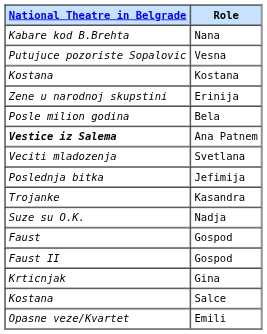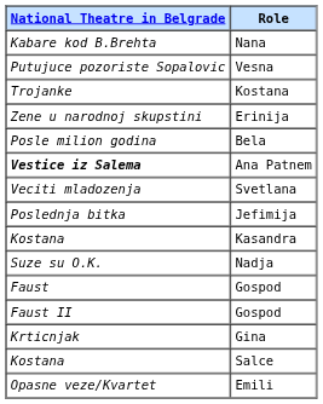 <table border="1" cellpadding="4" cellspacing="0">
 <tr bgcolor="#C6E2FF">
 <th><strong><a href='#'>National Theatre in Belgrade</a></strong></th>
 <th><strong>Role</strong></th>
 </tr>
 <tr>
 <td><em>Kabare kod B.Brehta</em></td>
 <td>Nana</td>
 </tr>
 <tr>
 <td><em>Putujuce pozoriste Sopalovic</em></td>
 <td>Vesna</td>
 </tr>
 <tr>
-<td><em>Kostana</em></td>
+<td><em>Trojanke</em></td>
 <td>Kostana</td>
 </tr>
 <tr>
 <td><em>Zene u narodnoj skupstini</em></td>
 <td>Erinija</td>
 </tr>
 <tr>
 <td><em>Posle milion godina</em></td>
 <td>Bela</td>
 </tr>
 <tr>
 <td><strong><em>Vestice iz Salema</em></strong></td>
 <td>Ana Patnem</td>
 </tr>
 <tr>
 <td><em>Veciti mladozenja</em></td>
 <td>Svetlana</td>
 </tr>
 <tr>
 <td><em>Poslednja bitka</em></td>
 <td>Jefimija</td>
 </tr>
 <tr>
-<td><em>Trojanke</em></td>
+<td><em>Kostana</em></td>
 <td>Kasandra</td>
 </tr>
 <tr>
 <td><em>Suze su O.K.</em></td>
 <td>Nadja</td>
 </tr>
 <tr>
 <td><em>Faust</em></td>
 <td>Gospod</td>
 </tr>
 <tr>
 <td><em>Faust II</em></td>
 <td>Gospod</td>
 </tr>
 <tr>
 <td><em>Krticnjak</em></td>
 <td>Gina</td>
 </tr>
 <tr>
 <td><em>Kostana</em></td>
 <td>Salce</td>
 </tr>
 <tr>
 <td><em>Opasne veze/Kvartet</em></td>
 <td>Emili</td>
 </tr>
 </table>
